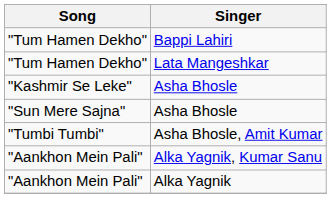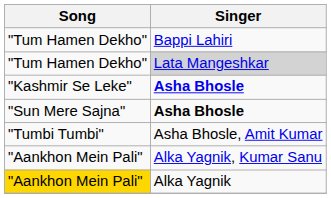 <table class="wikitable">
 <tr>
 <th>Song</th>
 <th>Singer</th>
 </tr>
 <tr>
 <td>"Tum Hamen Dekho"</td>
 <td><a href='#'>Bappi Lahiri</a></td>
 </tr>
 <tr>
 <td>"Tum Hamen Dekho"</td>
-<td><a href='#'>Lata Mangeshkar</a></td>
+<td style="background: lightgrey;"><a href='#'>Lata Mangeshkar</a></td>
 </tr>
 <tr>
 <td>"Kashmir Se Leke"</td>
-<td><a href='#'>Asha Bhosle</a></td>
+<td><strong><a href='#'>Asha Bhosle</a></strong></td>
 </tr>
 <tr>
 <td>"Sun Mere Sajna"</td>
-<td>Asha Bhosle</td>
+<td><strong>Asha Bhosle</strong></td>
 </tr>
 <tr>
 <td>"Tumbi Tumbi"</td>
 <td>Asha Bhosle, <a href='#'>Amit Kumar</a></td>
 </tr>
 <tr>
 <td>"Aankhon Mein Pali"</td>
 <td><a href='#'>Alka Yagnik</a>, <a href='#'>Kumar Sanu</a></td>
 </tr>
 <tr>
-<td>"Aankhon Mein Pali"</td>
+<td style="background: gold;">"Aankhon Mein Pali"</td>
 <td>Alka Yagnik</td>
 </tr>
 <tr>
 </tr>
 </table>
